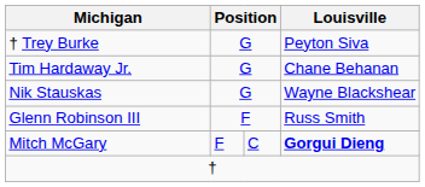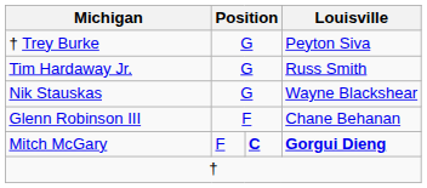 <table class="wikitable">
 <tr>
 <th style="width:200px;">Michigan</th>
 <th colspan="2">Position</th>
 <th>Louisville</th>
 </tr>
 <tr>
 <td>† <a href='#'>Trey Burke</a></td>
 <td colspan="2" style="text-align:center"><a href='#'>G</a></td>
 <td><a href='#'>Peyton Siva</a></td>
 </tr>
 <tr>
 <td><a href='#'>Tim Hardaway Jr.</a></td>
 <td colspan="2" style="text-align:center"><a href='#'>G</a></td>
-<td><a href='#'>Chane Behanan</a></td>
+<td><a href='#'>Russ Smith</a></td>
 </tr>
 <tr>
 <td><a href='#'>Nik Stauskas</a></td>
 <td colspan="2" style="text-align:center"><a href='#'>G</a></td>
 <td><a href='#'>Wayne Blackshear</a></td>
 </tr>
 <tr>
 <td><a href='#'>Glenn Robinson III</a></td>
 <td colspan="2" style="text-align:center"><a href='#'>F</a></td>
-<td><a href='#'>Russ Smith</a></td>
+<td><a href='#'>Chane Behanan</a></td>
 </tr>
 <tr>
 <td><a href='#'>Mitch McGary</a></td>
 <td><a href='#'>F</a></td>
-<td><a href='#'>C</a></td>
+<td><strong><a href='#'>C</a></strong></td>
 <td><strong><a href='#'>Gorgui Dieng</a></strong></td>
 </tr>
 <tr>
 <td colspan="5" align=center>† </td>
 </tr>
 </table>
